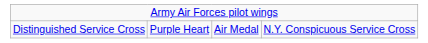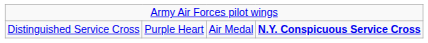 <table class="wikitable" style="margin:1em auto; text-align:center;">
 <tr>
 <td colspan="4"><a href='#'>Army Air Forces pilot wings</a></td>
 </tr>
 <tr>
 <td><a href='#'>Distinguished Service Cross</a></td>
 <td><a href='#'>Purple Heart</a></td>
 <td><a href='#'>Air Medal</a></td>
-<td><a href='#'>N.Y. Conspicuous Service Cross</a></td>
+<td><strong><a href='#'>N.Y. Conspicuous Service Cross</a></strong></td>
 </tr>
 </table>
